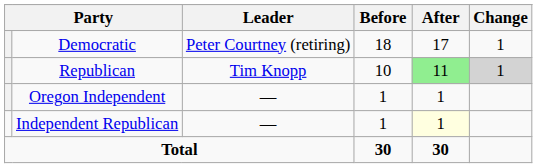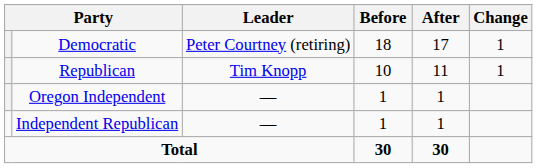 <table class="wikitable" style="text-align:center;">
 <tr>
 </tr>
 <tr>
 <th colspan=2>Party</th>
 <th>Leader</th>
 <th style="width:3em">Before</th>
 <th style="width:3em">After</th>
 <th style="width:3em">Change</th>
 </tr>
 <tr>
 <th style="background-color:"></th>
 <td><a href='#'>Democratic</a></td>
 <td><a href='#'>Peter Courtney</a> (retiring)</td>
 <td>18</td>
 <td>17</td>
 <td>1</td>
 </tr>
 <tr>
 <th style="background-color:"></th>
 <td><a href='#'>Republican</a></td>
 <td><a href='#'>Tim Knopp</a></td>
 <td>10</td>
-<td style="background: lightgreen;">11</td>
-<td style="background: lightgrey;">1</td>
+<td>11</td>
+<td>1</td>
 </tr>
 <tr>
 <th style="background-color:"></th>
 <td><a href='#'>Oregon Independent</a></td>
 <td>—</td>
 <td>1</td>
 <td>1</td>
 <td></td>
 </tr>
 <tr>
 <td style="background-color:"></td>
 <td><a href='#'>Independent Republican</a></td>
 <td>—</td>
 <td>1</td>
-<td style="background: lightyellow;">1</td>
+<td>1</td>
 <td></td>
 </tr>
 <tr>
 <td colspan="3"><strong>Total</strong></td>
 <td><strong>30</strong></td>
 <td><strong>30</strong></td>
 <td></td>
 </tr>
 </table>
